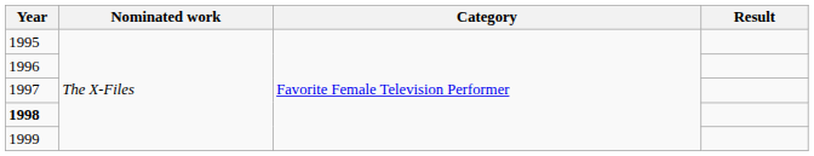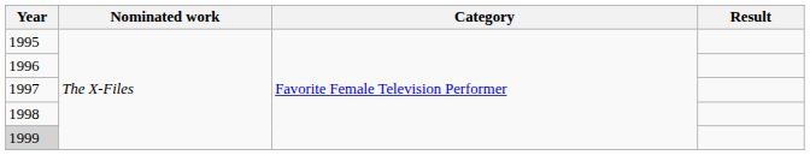 <table style="width:95%;" class="wikitable sortable">
 <tr>
 <th style="width:5%;">Year</th>
 <th style="width:20%;">Nominated work</th>
 <th style="width:40%;">Category</th>
 <th style="width:10%;">Result</th>
 </tr>
 <tr>
 <td>1995</td>
 <td rowspan="5"><em>The X-Files</em></td>
 <td rowspan="5"><a href='#'>Favorite Female Television Performer</a></td>
 <td></td>
 </tr>
 <tr>
 <td>1996</td>
 <td></td>
 </tr>
 <tr>
 <td>1997</td>
 <td></td>
 </tr>
 <tr>
-<td><strong>1998</strong></td>
+<td>1998</td>
 <td></td>
 </tr>
 <tr>
-<td>1999</td>
+<td style="background: lightgrey;">1999</td>
 <td></td>
 </tr>
 </table>
